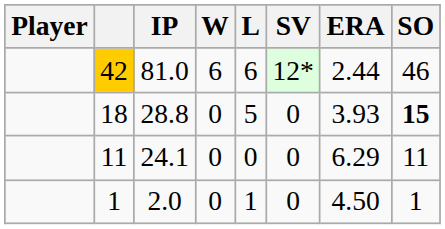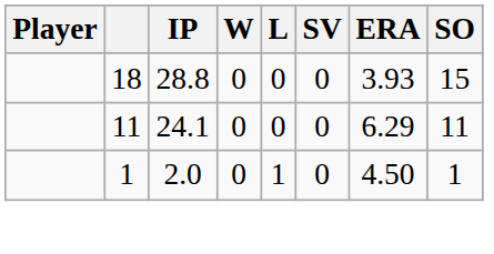 <table class="wikitable sortable">
 <tr>
 <th>Player</th>
 <th></th>
 <th>IP</th>
 <th>W</th>
 <th>L</th>
 <th>SV</th>
 <th>ERA</th>
 <th>SO</th>
 </tr>
 <tr align="center">
 <td></td>
-<td bgcolor="#FFCC00">42</td>
-<td>81.0</td>
-<td>6</td>
-<td>6</td>
-<td bgcolor="#DDFFDD">12*</td>
-<td>2.44</td>
-<td>46</td>
-</tr>
-<tr align="center">
-<td></td>
 <td>18</td>
 <td>28.8</td>
 <td>0</td>
-<td>5</td>
+<td>0</td>
 <td>0</td>
 <td>3.93</td>
-<td><strong>15</strong></td>
+<td>15</td>
 </tr>
 <tr align="center">
 <td></td>
 <td>11</td>
 <td>24.1</td>
 <td>0</td>
 <td>0</td>
 <td>0</td>
 <td>6.29</td>
 <td>11</td>
 </tr>
 <tr align="center">
 <td></td>
 <td>1</td>
 <td>2.0</td>
 <td>0</td>
 <td>1</td>
 <td>0</td>
 <td>4.50</td>
 <td>1</td>
 </tr>
 </table>
